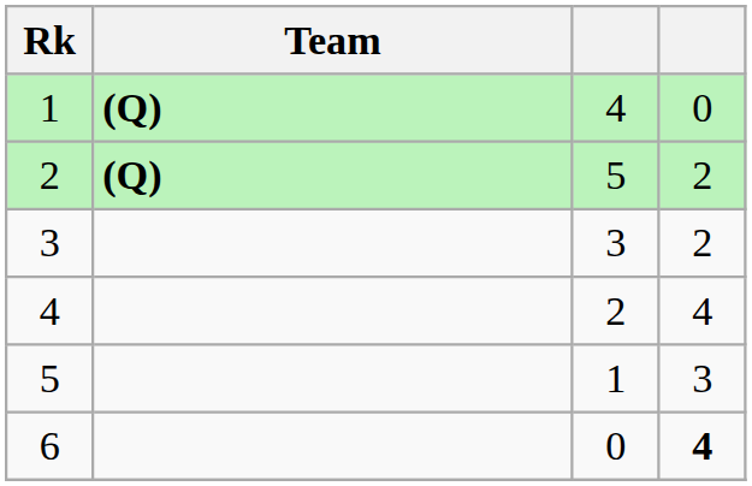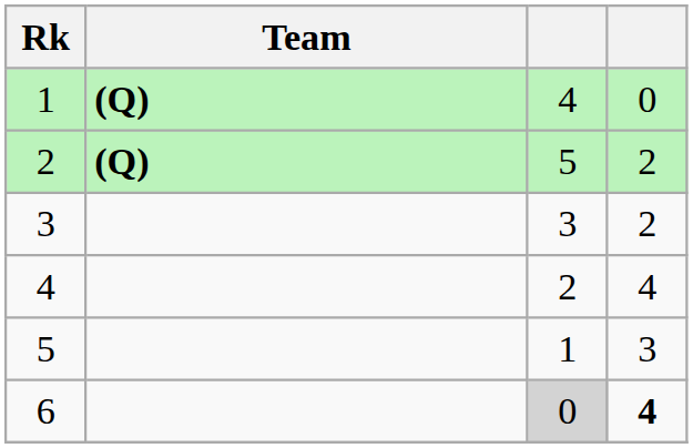 <table class=wikitable style="text-align:center; font-size:95%">
 <tr>
 <th width=25>Rk</th>
 <th width=170>Team</th>
 <th width=25></th>
 <th width=25></th>
 </tr>
 <tr>
 <td style="background-color:#BBF3BB">1</td>
 <td align=left style="background-color:#BBF3BB"> <strong>(Q)</strong></td>
 <td style="background-color:#BBF3BB">4</td>
 <td style="background-color:#BBF3BB">0</td>
 </tr>
 <tr>
 <td style="background-color:#BBF3BB">2</td>
 <td align=left style="background-color:#BBF3BB"> <strong>(Q)</strong></td>
 <td style="background-color:#BBF3BB">5</td>
 <td style="background-color:#BBF3BB">2</td>
 </tr>
 <tr>
 <td>3</td>
 <td align=left></td>
 <td>3</td>
 <td>2</td>
 </tr>
 <tr>
 <td>4</td>
 <td align=left></td>
 <td>2</td>
 <td>4</td>
 </tr>
 <tr>
 <td>5</td>
 <td align=left></td>
 <td>1</td>
 <td>3</td>
 </tr>
 <tr>
 <td>6</td>
 <td align=left></td>
-<td>0</td>
+<td style="background: lightgrey;">0</td>
 <td><strong>4</strong></td>
 </tr>
 <tr>
 </tr>
 </table>
